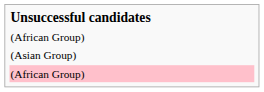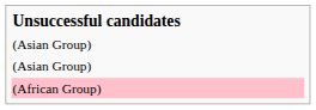 <table class="infobox" style="width:300px;">
 <tr>
 <td><strong>Unsuccessful candidates</strong></td>
 </tr>
 <tr>
-<td> <small>(African Group)</small></td>
+<td> <small>(Asian Group)</small></td>
 </tr>
 <tr>
 <td> <small>(Asian Group)</small></td>
 </tr>
 <tr>
 <td style="background: pink;"> <small>(African Group)</small></td>
 </tr>
 </table>
